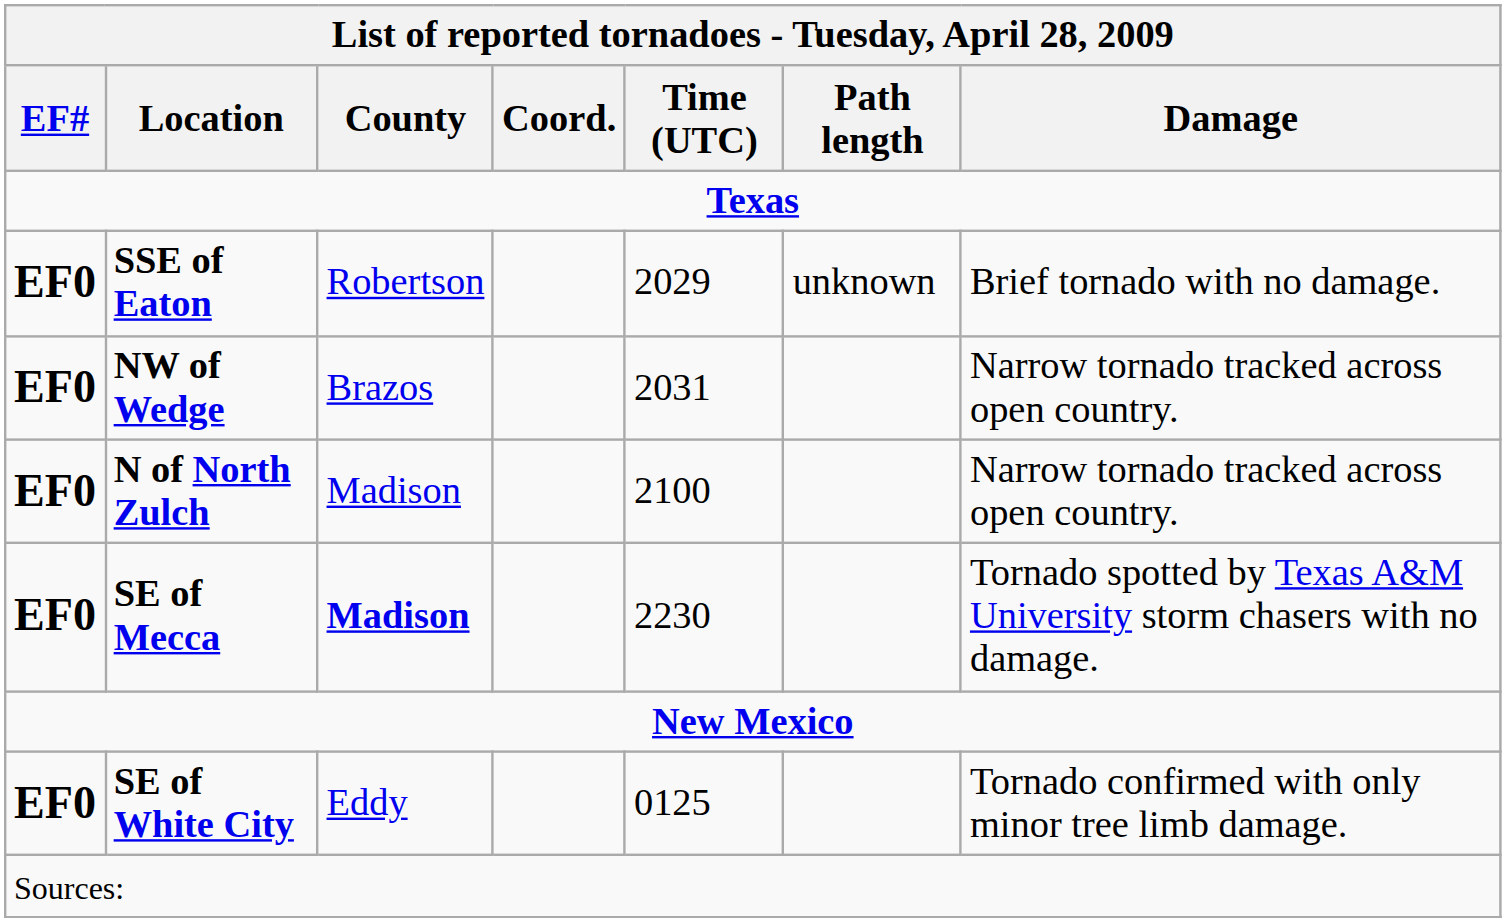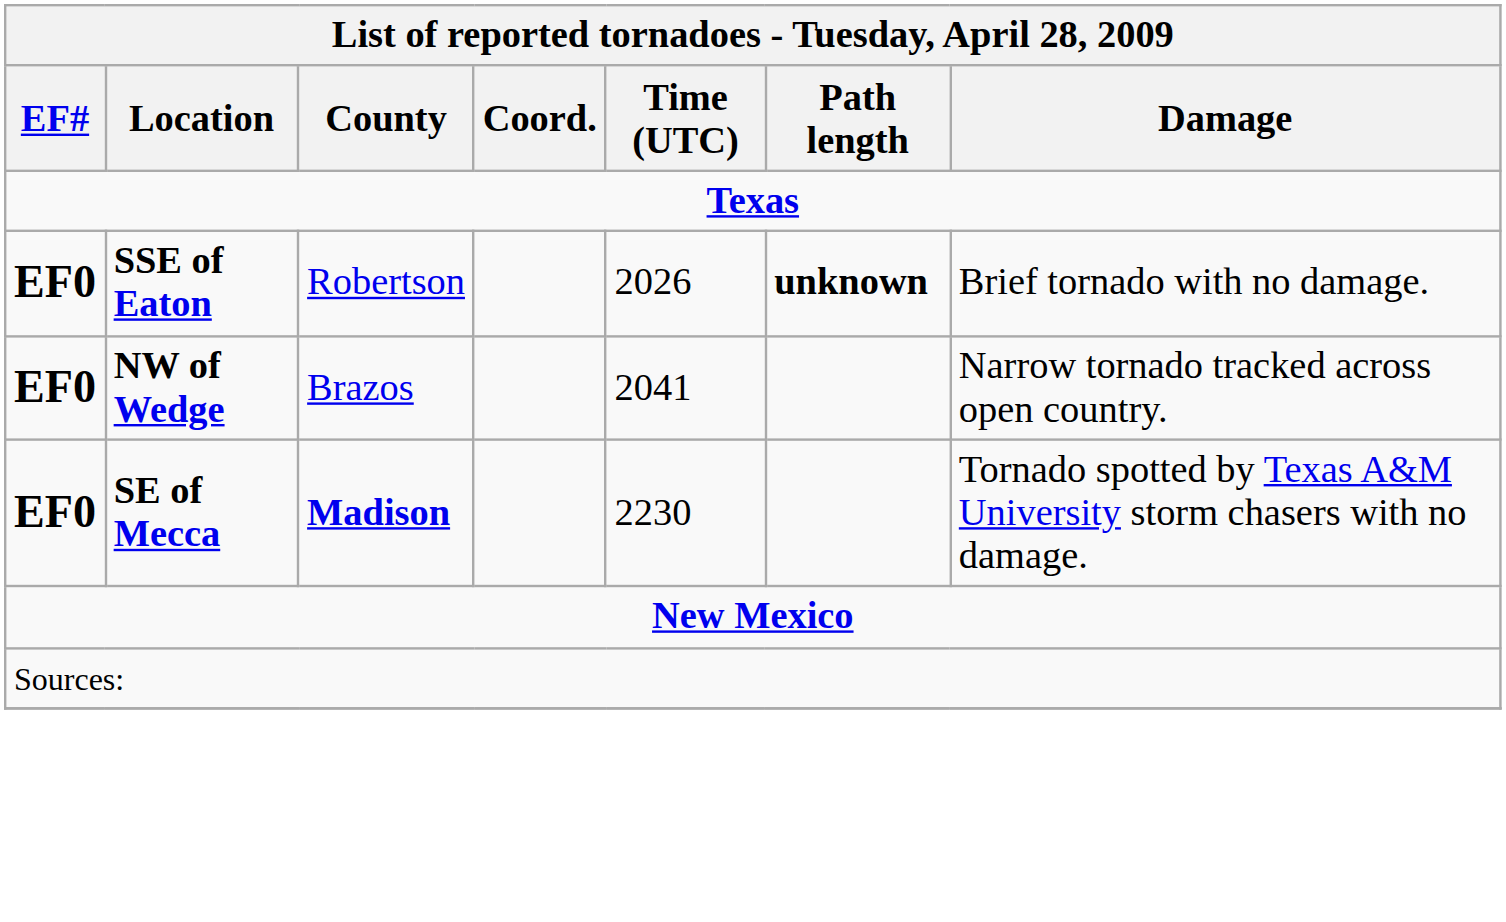 <table class="wikitable collapsible" width="100%">
 <tr>
 <th colspan="7">List of reported tornadoes - Tuesday, April 28, 2009</th>
 </tr>
 <tr>
 <th><a href='#'>EF#</a></th>
 <th>Location</th>
 <th>County</th>
 <th>Coord.</th>
 <th>Time (UTC)</th>
 <th>Path length</th>
 <th>Damage</th>
 </tr>
 <tr>
 <td colspan="7" align=center><strong><a href='#'>Texas</a></strong></td>
 </tr>
 <tr>
 <td><big><strong>EF0</strong></big></td>
 <td><strong>SSE of <a href='#'>Eaton</a></strong></td>
 <td><a href='#'>Robertson</a></td>
 <td></td>
-<td>2029</td>
-<td>unknown</td>
+<td>2026</td>
+<td><strong>unknown</strong></td>
 <td>Brief tornado with no damage.</td>
 </tr>
 <tr>
 <td><big><strong>EF0</strong></big></td>
 <td><strong>NW of <a href='#'>Wedge</a></strong></td>
 <td><a href='#'>Brazos</a></td>
 <td></td>
-<td>2031</td>
-<td></td>
-<td>Narrow tornado tracked across open country.</td>
-</tr>
-<tr>
-<td><big><strong>EF0</strong></big></td>
-<td><strong>N of <a href='#'>North Zulch</a></strong></td>
-<td><a href='#'>Madison</a></td>
-<td></td>
-<td>2100</td>
+<td>2041</td>
 <td></td>
 <td>Narrow tornado tracked across open country.</td>
 </tr>
 <tr>
 <td><big><strong>EF0</strong></big></td>
 <td><strong>SE of <a href='#'>Mecca</a></strong></td>
 <td><strong><a href='#'>Madison</a></strong></td>
 <td></td>
 <td>2230</td>
 <td></td>
 <td>Tornado spotted by <a href='#'>Texas A&M University</a> storm chasers with no damage.</td>
 </tr>
 <tr>
 <td colspan="7" align=center><strong><a href='#'>New Mexico</a></strong></td>
 </tr>
 <tr>
-<td><big><strong>EF0</strong></big></td>
-<td><strong>SE of <a href='#'>White City</a></strong></td>
-<td><a href='#'>Eddy</a></td>
-<td></td>
-<td>0125</td>
-<td></td>
-<td>Tornado confirmed with only minor tree limb damage.</td>
-</tr>
-<tr>
 <td colspan="7"><small>Sources: </small></td>
 </tr>
 <tr>
 </tr>
 </table>
